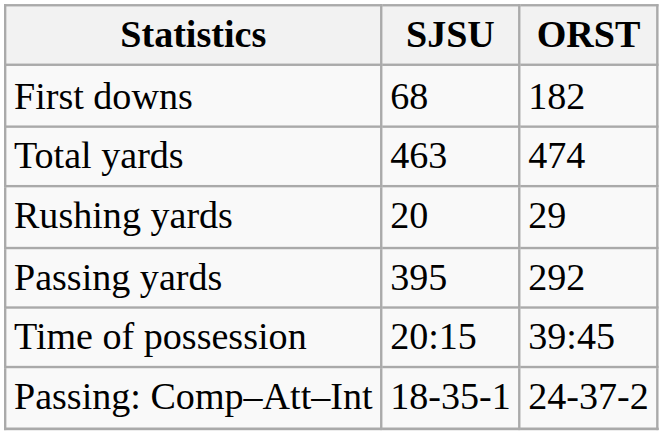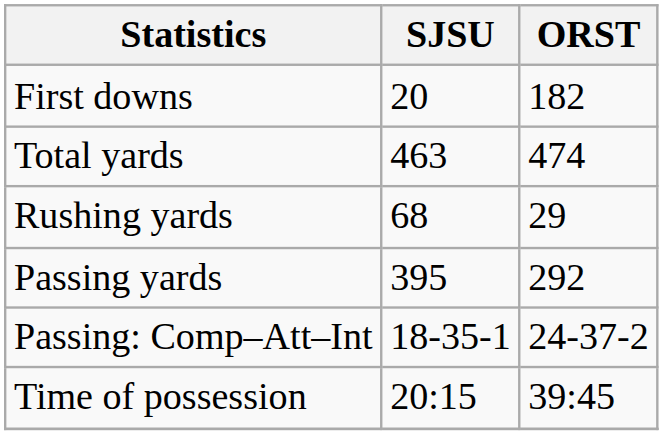 <table class="wikitable" style="float: left;">
 <tr>
 <th>Statistics</th>
 <th>SJSU</th>
 <th>ORST</th>
 </tr>
 <tr>
 <td>First downs</td>
-<td>68</td>
+<td>20</td>
 <td>182</td>
 </tr>
 <tr>
 <td>Total yards</td>
 <td>463</td>
 <td>474</td>
 </tr>
 <tr>
 <td>Rushing yards</td>
-<td>20</td>
+<td>68</td>
 <td>29</td>
 </tr>
 <tr>
 <td>Passing yards</td>
 <td>395</td>
 <td>292</td>
 </tr>
 <tr>
+<td>Passing: Comp–Att–Int</td>
+<td>18-35-1</td>
+<td>24-37-2</td>
+</tr>
+<tr>
 <td>Time of possession</td>
 <td>20:15</td>
 <td>39:45</td>
 </tr>
 <tr>
-<td>Passing: Comp–Att–Int</td>
-<td>18-35-1</td>
-<td>24-37-2</td>
-</tr>
-<tr>
 </tr>
 </table>
